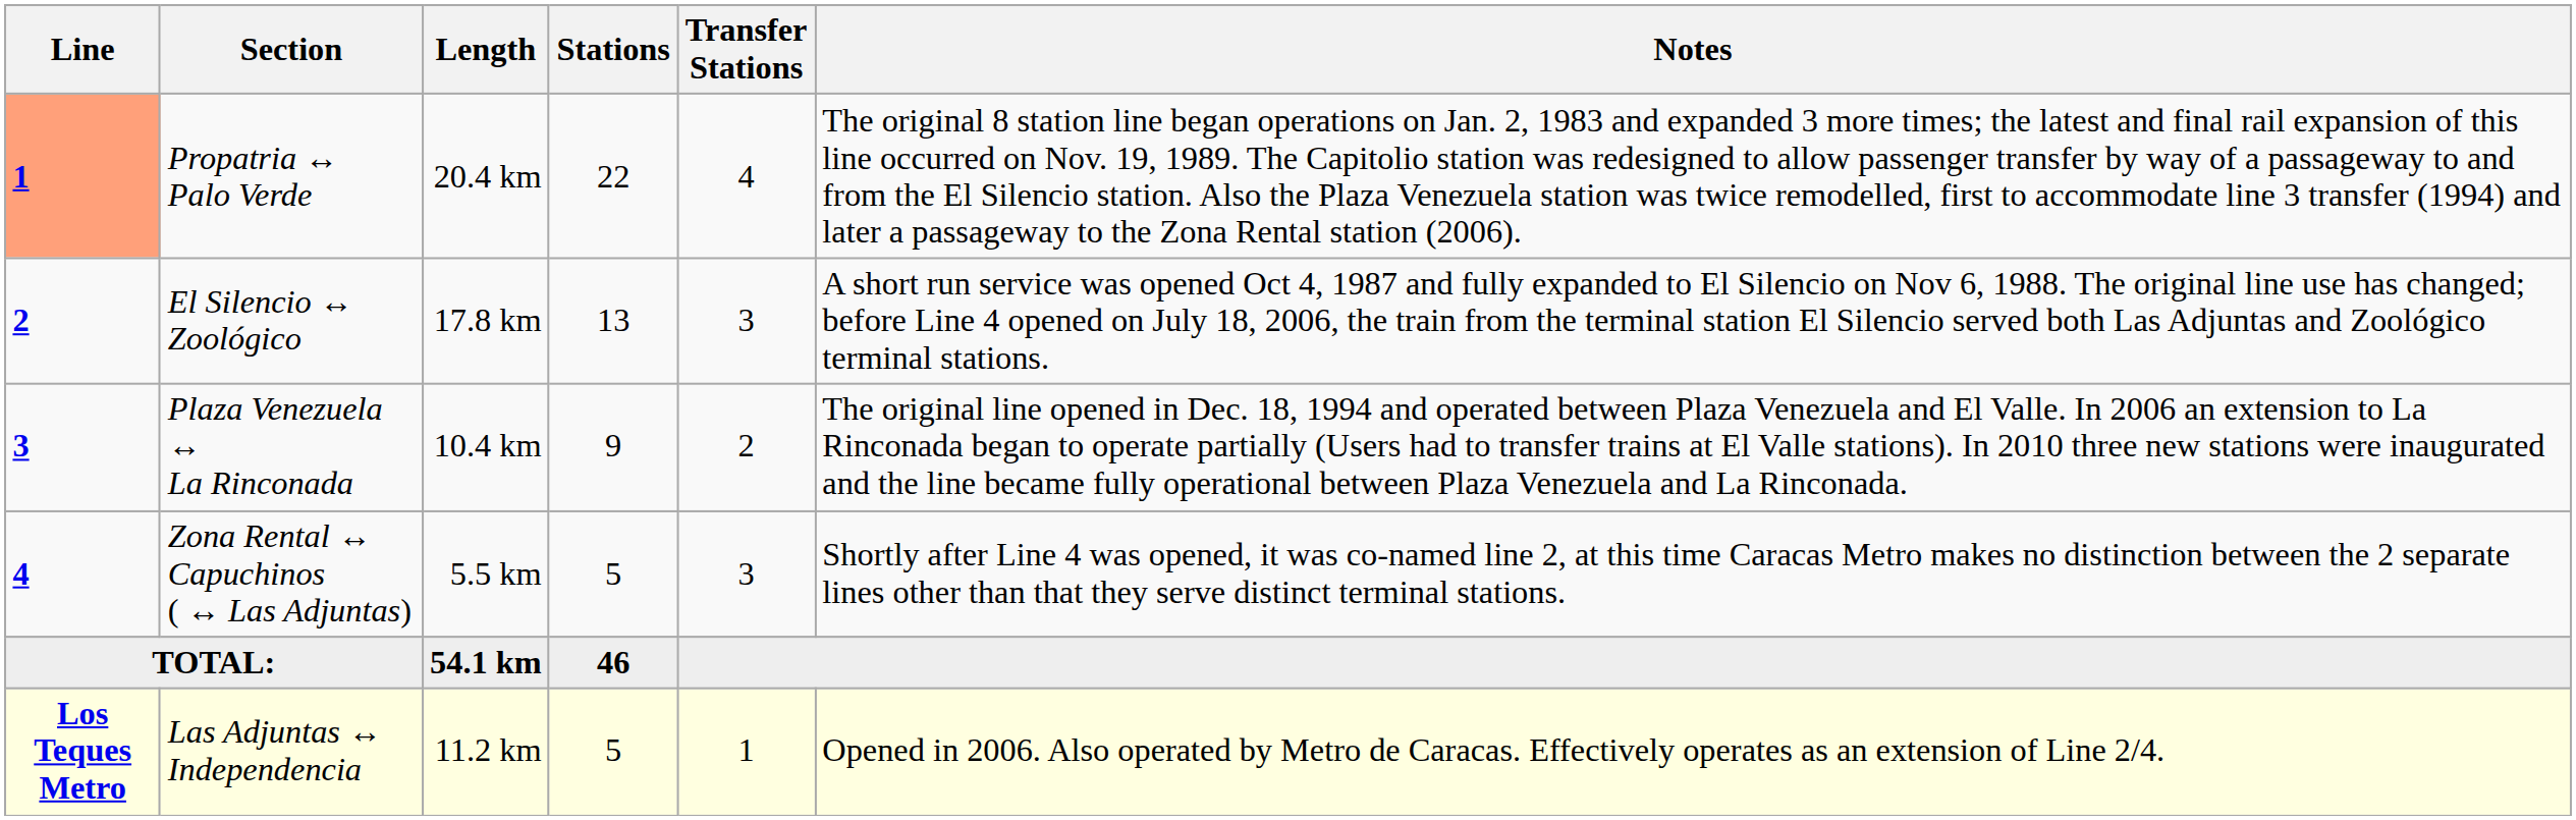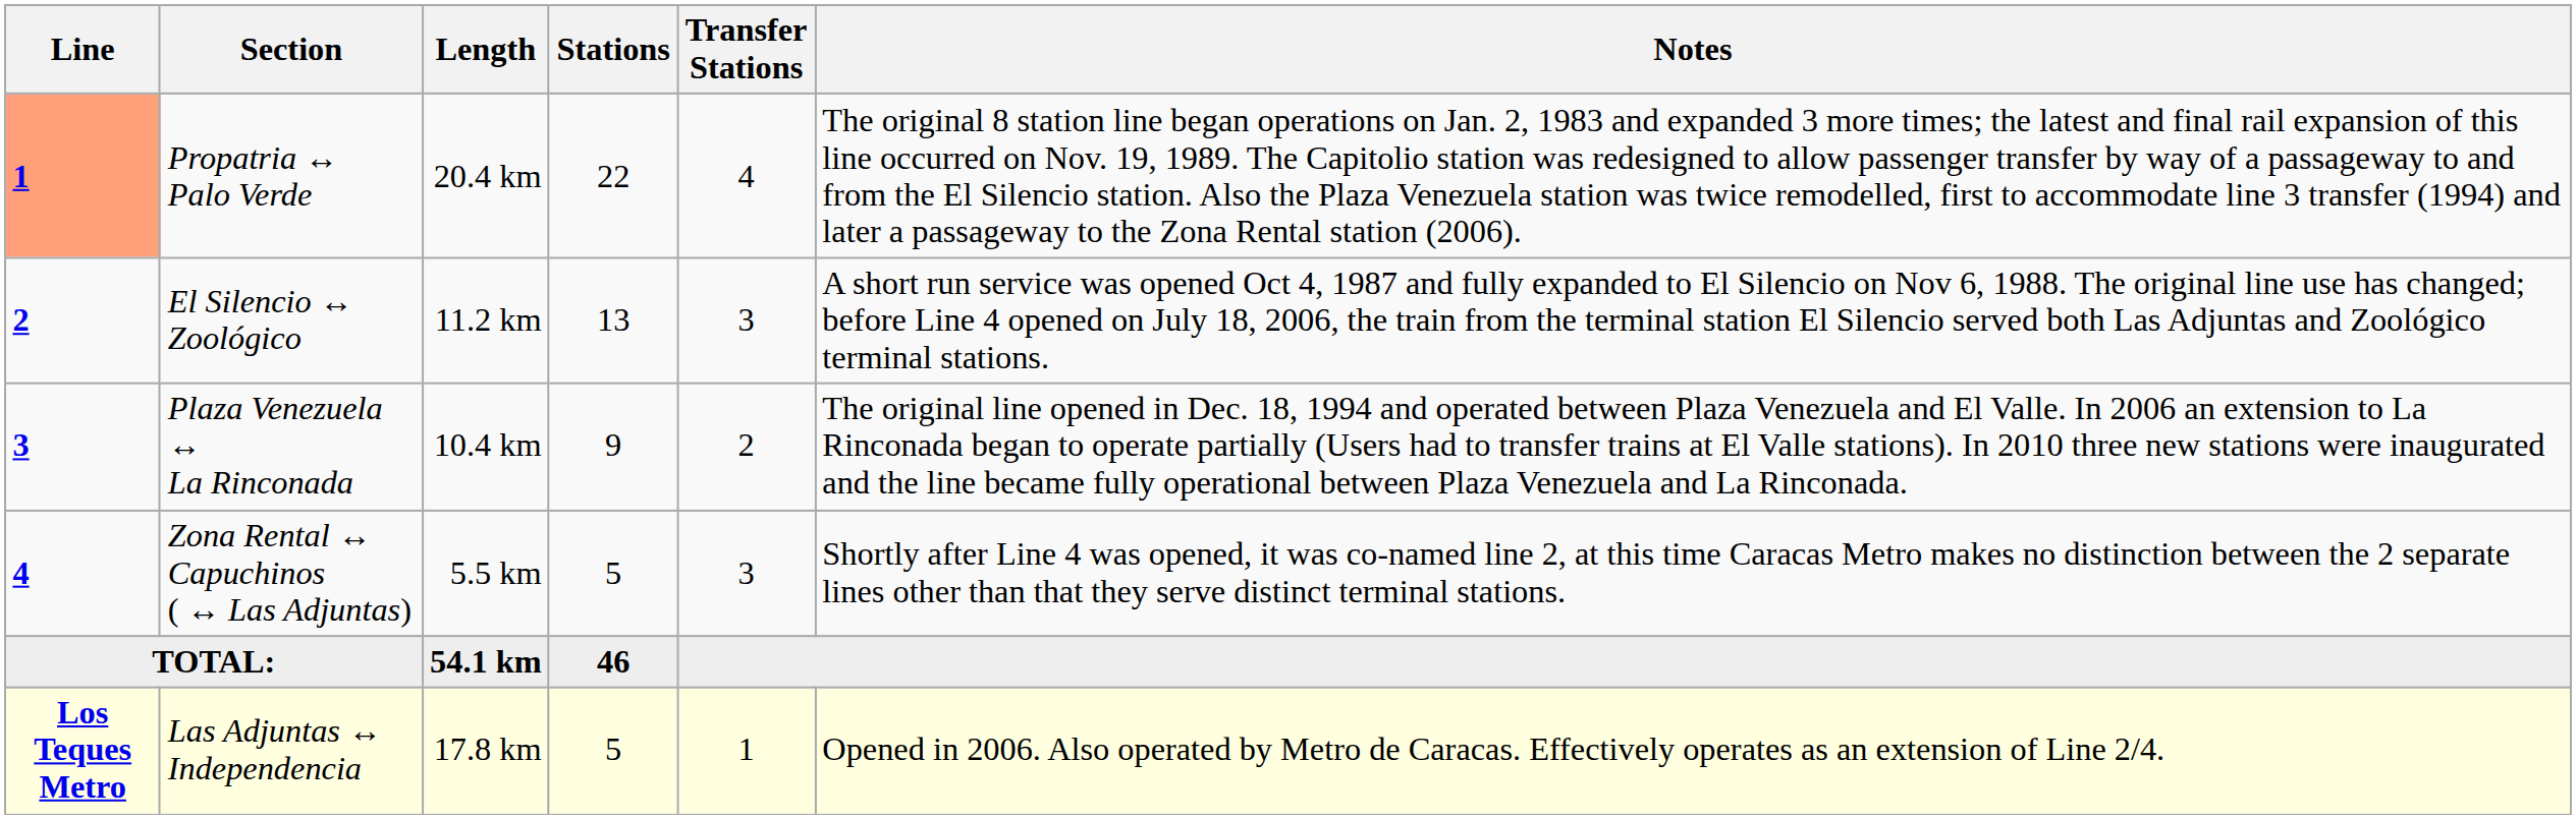 <table class="wikitable">
 <tr>
 <th>Line</th>
 <th width="120px">Section</th>
 <th>Length</th>
 <th>Stations</th>
 <th>Transfer<br>Stations</th>
 <th>Notes</th>
 </tr>
 <tr>
 <td style="background: lightsalmon;"><strong><a href='#'><span>1</span></a></strong></td>
 <td><em>Propatria</em> ↔ <br><em>Palo Verde</em></td>
 <td style="text-align:right;">20.4 km</td>
 <td style="text-align:center;">22</td>
 <td style="text-align:center;">4</td>
 <td>The original 8 station line began operations on Jan. 2, 1983 and expanded 3 more times; the latest and final rail expansion of this line occurred on Nov. 19, 1989. The Capitolio station was redesigned to allow passenger transfer by way of a passageway to and from the El Silencio station. Also the Plaza Venezuela station was twice remodelled, first to accommodate line 3 transfer (1994) and later a passageway to the Zona Rental station (2006).</td>
 </tr>
 <tr>
 <td><strong><a href='#'><span>2</span></a></strong></td>
 <td><em>El Silencio</em> ↔ <br><em>Zoológico</em></td>
-<td style="text-align:right;">17.8 km</td>
+<td style="text-align:right;">11.2 km</td>
 <td style="text-align:center;">13</td>
 <td style="text-align:center;">3</td>
 <td>A short run service was opened Oct 4, 1987 and fully expanded to El Silencio on Nov 6, 1988. The original line use has changed; before Line 4 opened on July 18, 2006, the train from the terminal station El Silencio served both Las Adjuntas and Zoológico terminal stations.</td>
 </tr>
 <tr>
 <td><strong><a href='#'><span>3</span></a></strong></td>
 <td><em>Plaza Venezuela</em> ↔ <br><em>La Rinconada</em></td>
 <td style="text-align:right;">10.4 km</td>
 <td style="text-align:center;">9</td>
 <td style="text-align:center;">2</td>
 <td>The original line opened in Dec. 18, 1994 and operated between Plaza Venezuela and El Valle. In 2006 an extension to La Rinconada began to operate partially (Users had to transfer trains at El Valle stations). In 2010 three new stations were inaugurated and the line became fully operational between Plaza Venezuela and La Rinconada.</td>
 </tr>
 <tr>
 <td><strong><a href='#'><span>4</span></a></strong></td>
 <td><em>Zona Rental</em> ↔ <br><em>Capuchinos</em> <br>( ↔ <em>Las Adjuntas</em>)</td>
 <td style="text-align:right;">5.5 km</td>
 <td style="text-align:center;">5</td>
 <td style="text-align:center;">3</td>
 <td>Shortly after Line 4 was opened, it was co-named line 2, at this time Caracas Metro makes no distinction between the 2 separate lines other than that they serve distinct terminal stations.</td>
 </tr>
 <tr bgcolor="#EEEEEE">
 <td colspan="2" style="text-align:center;"><strong>TOTAL:</strong></td>
 <td style="text-align:right;"><strong>54.1 km</strong></td>
 <td style="text-align:center;"><strong>46</strong></td>
 <td colspan="2"></td>
 </tr>
 <tr bgcolor="#FFFFE0">
 <td style="text-align:center;"><strong><a href='#'>Los Teques Metro</a></strong></td>
 <td><em>Las Adjuntas</em> ↔ <br><em>Independencia</em></td>
-<td style="text-align:right;">11.2 km</td>
+<td style="text-align:right;">17.8 km</td>
 <td style="text-align:center;">5</td>
 <td style="text-align:center;">1</td>
 <td>Opened in 2006. Also operated by Metro de Caracas. Effectively operates as an extension of Line 2/4.</td>
 </tr>
 </table>
